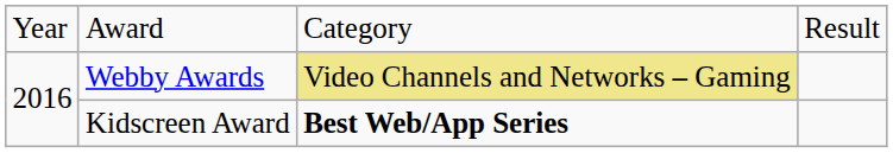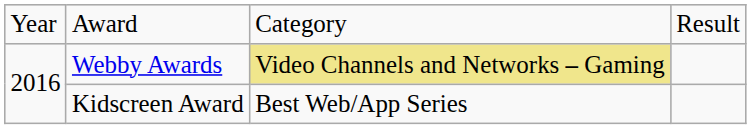 <table class="wikitable">
 <tr>
 <td>Year</td>
 <td>Award</td>
 <td>Category</td>
 <td>Result</td>
 </tr>
 <tr>
 <td rowspan="2">2016</td>
 <td><a href='#'>Webby Awards</a></td>
 <td style="background: khaki;">Video Channels and Networks <strong>–</strong> Gaming</td>
 <td></td>
 </tr>
 <tr>
 <td>Kidscreen Award</td>
-<td><strong>Best Web/App Series</strong></td>
+<td>Best Web/App Series</td>
 <td></td>
 </tr>
 </table>
